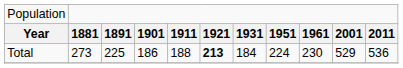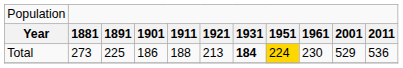 <table class="wikitable">
 <tr>
 <td>Population</td>
 </tr>
 <tr>
 <th>Year</th>
 <th>1881</th>
 <th>1891</th>
 <th>1901</th>
 <th>1911</th>
 <th>1921</th>
 <th>1931</th>
 <th>1951</th>
 <th>1961</th>
 <th>2001</th>
 <th>2011</th>
 </tr>
 <tr>
 <td>Total</td>
 <td>273</td>
 <td>225</td>
 <td>186</td>
 <td>188</td>
-<td><strong>213</strong></td>
-<td>184</td>
-<td>224</td>
+<td>213</td>
+<td><strong>184</strong></td>
+<td style="background: gold;">224</td>
 <td>230</td>
 <td>529</td>
 <td>536</td>
 </tr>
 <tr>
 </tr>
 </table>
